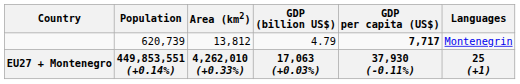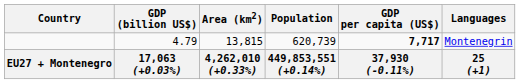 <table class="wikitable" style="text-align:right;">
 <tr>
 <th>Country</th>
+<th>GDP <br>(billion US$)</th>
+<th>Area (km<sup>2</sup>)</th>
 <th>Population</th>
-<th>Area (km<sup>2</sup>)</th>
-<th>GDP <br>(billion US$)</th>
 <th>GDP <br>per capita (US$)</th>
 <th>Languages</th>
 </tr>
 <tr>
 <td style="text-align:left;"><em></em></td>
+<td>4.79</td>
+<td>13,815</td>
 <td>620,739</td>
-<td>13,812</td>
-<td>4.79</td>
 <td><strong>7,717</strong></td>
 <td><a href='#'>Montenegrin</a></td>
 </tr>
 <tr>
 <th>EU27 + Montenegro</th>
+<th>17,063 <br><em>(+0.03%)</em></th>
+<th>4,262,010 <br><em>(+0.33%)</em></th>
 <th>449,853,551 <br><em>(+0.14%)</em></th>
-<th>4,262,010 <br><em>(+0.33%)</em></th>
-<th>17,063 <br><em>(+0.03%)</em></th>
 <th>37,930 <br><em>(-0.11%)</em></th>
 <th>25<br><em>(+1)</em></th>
 </tr>
 </table>
